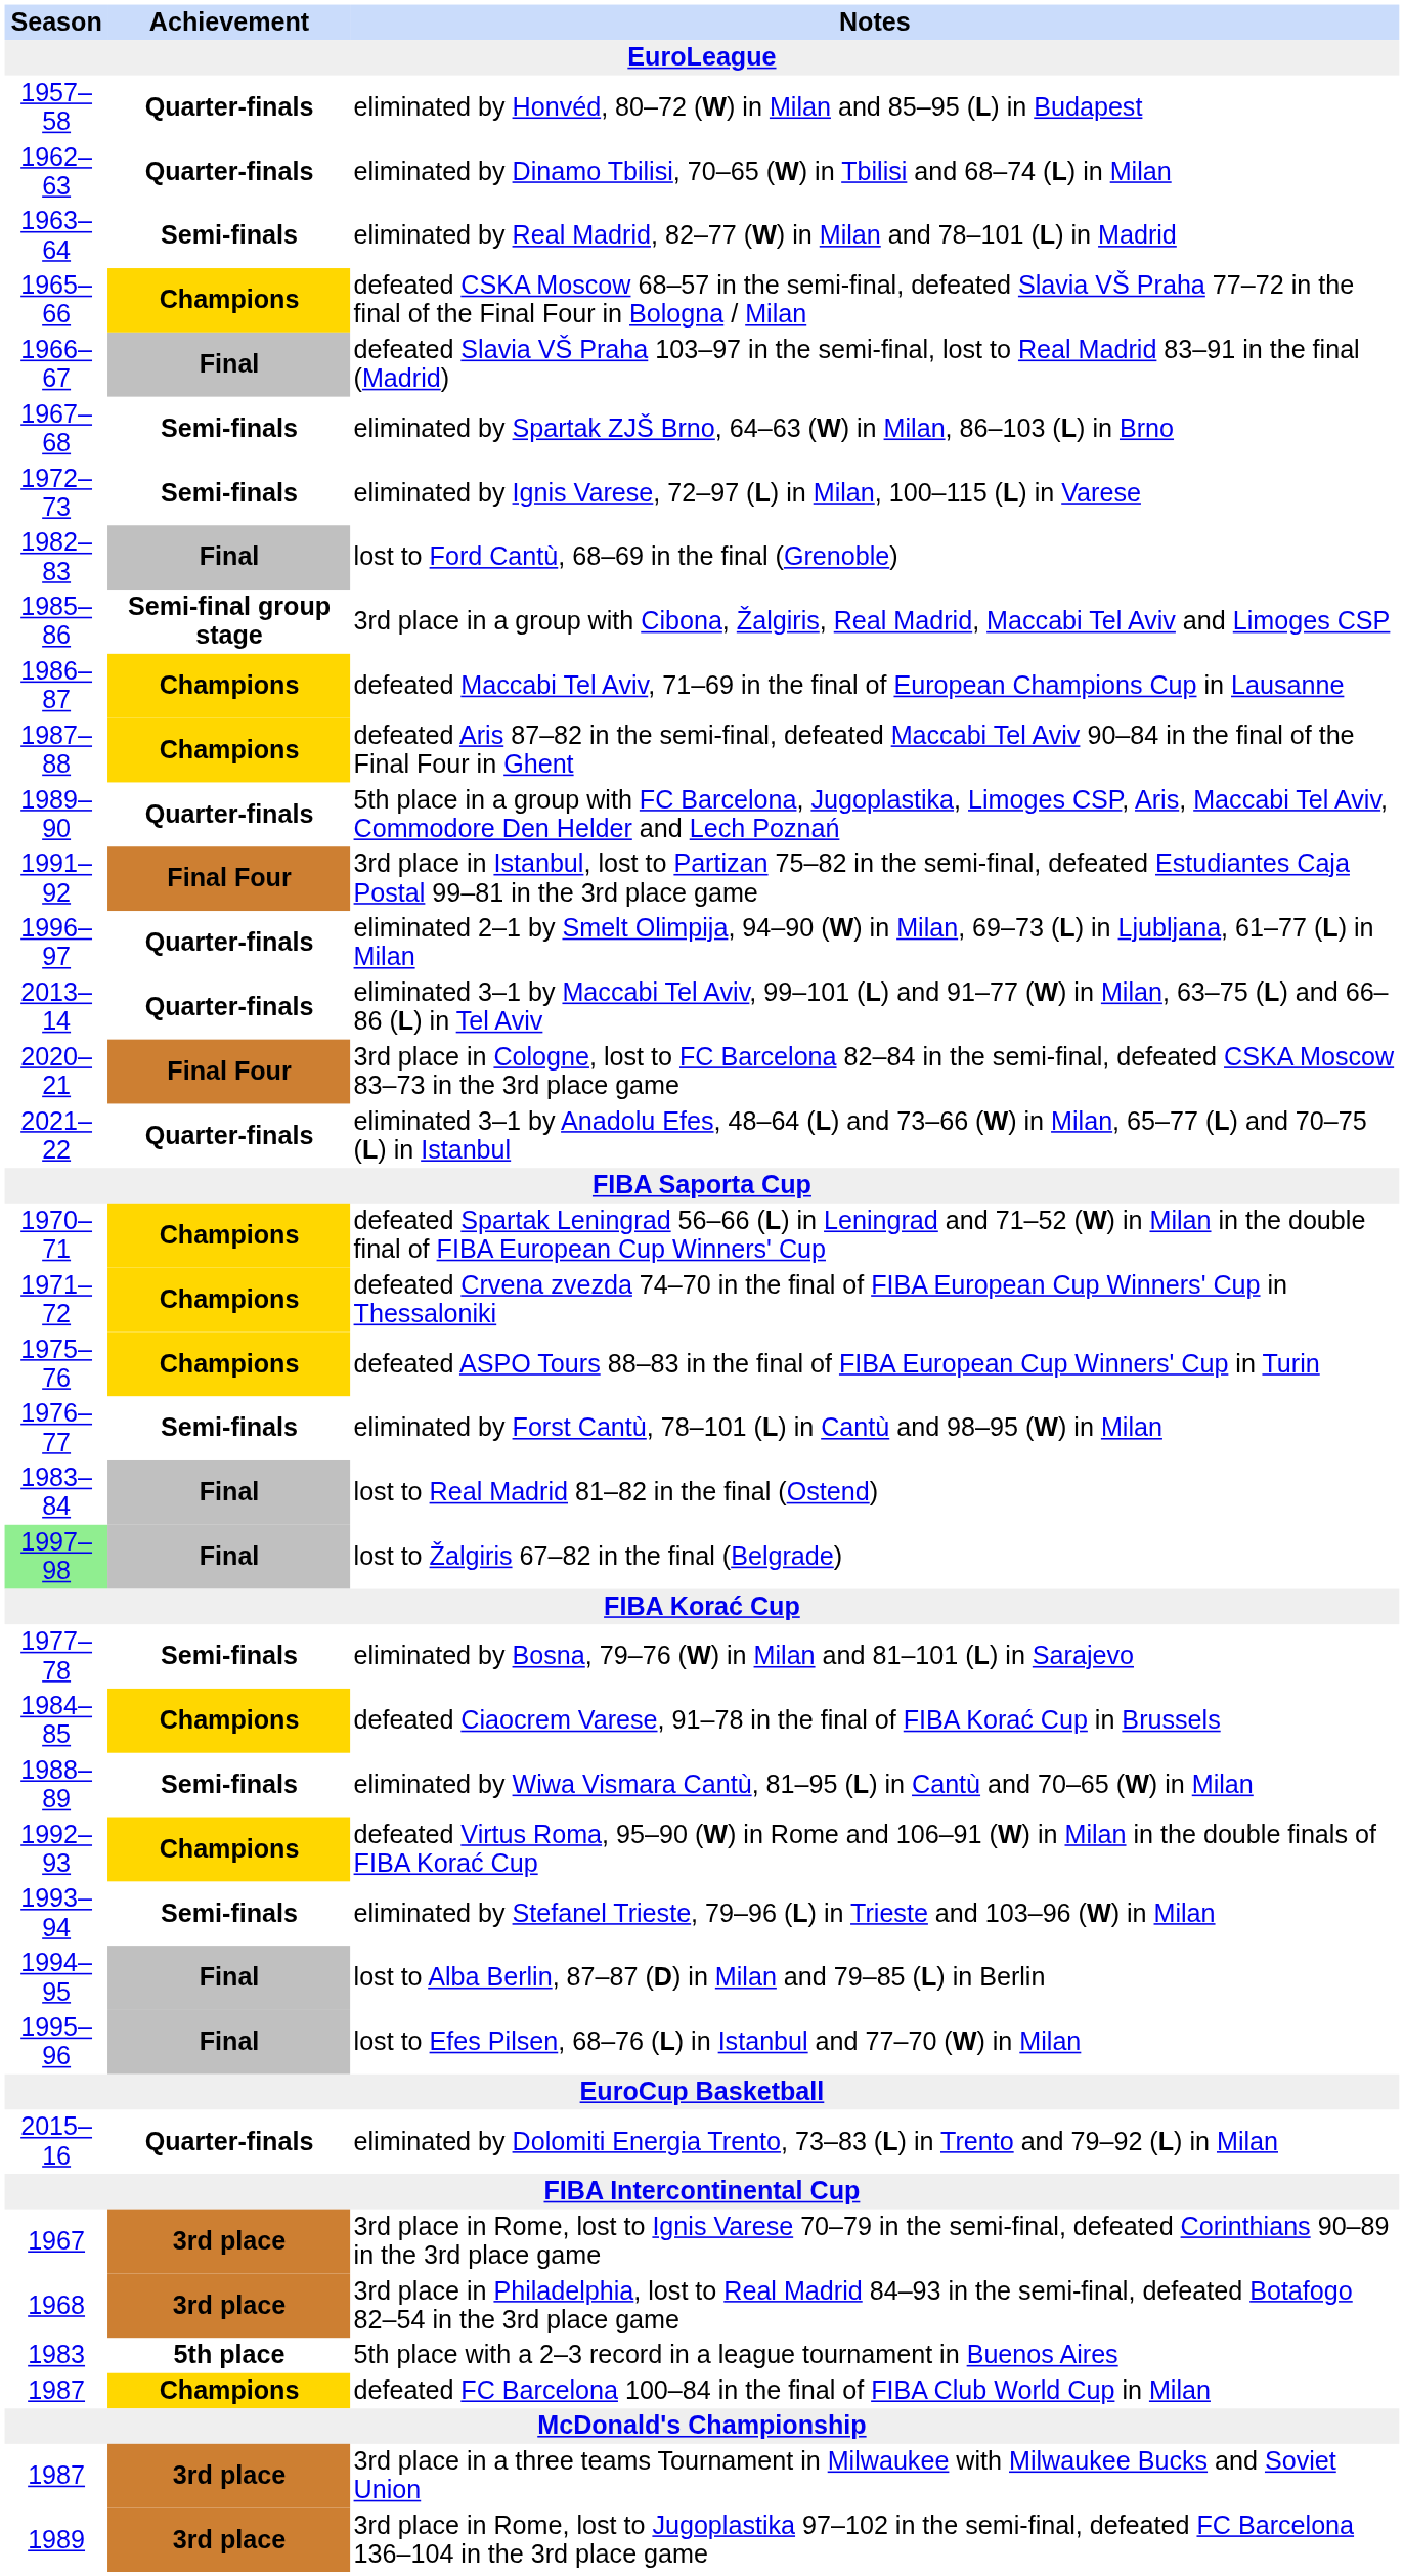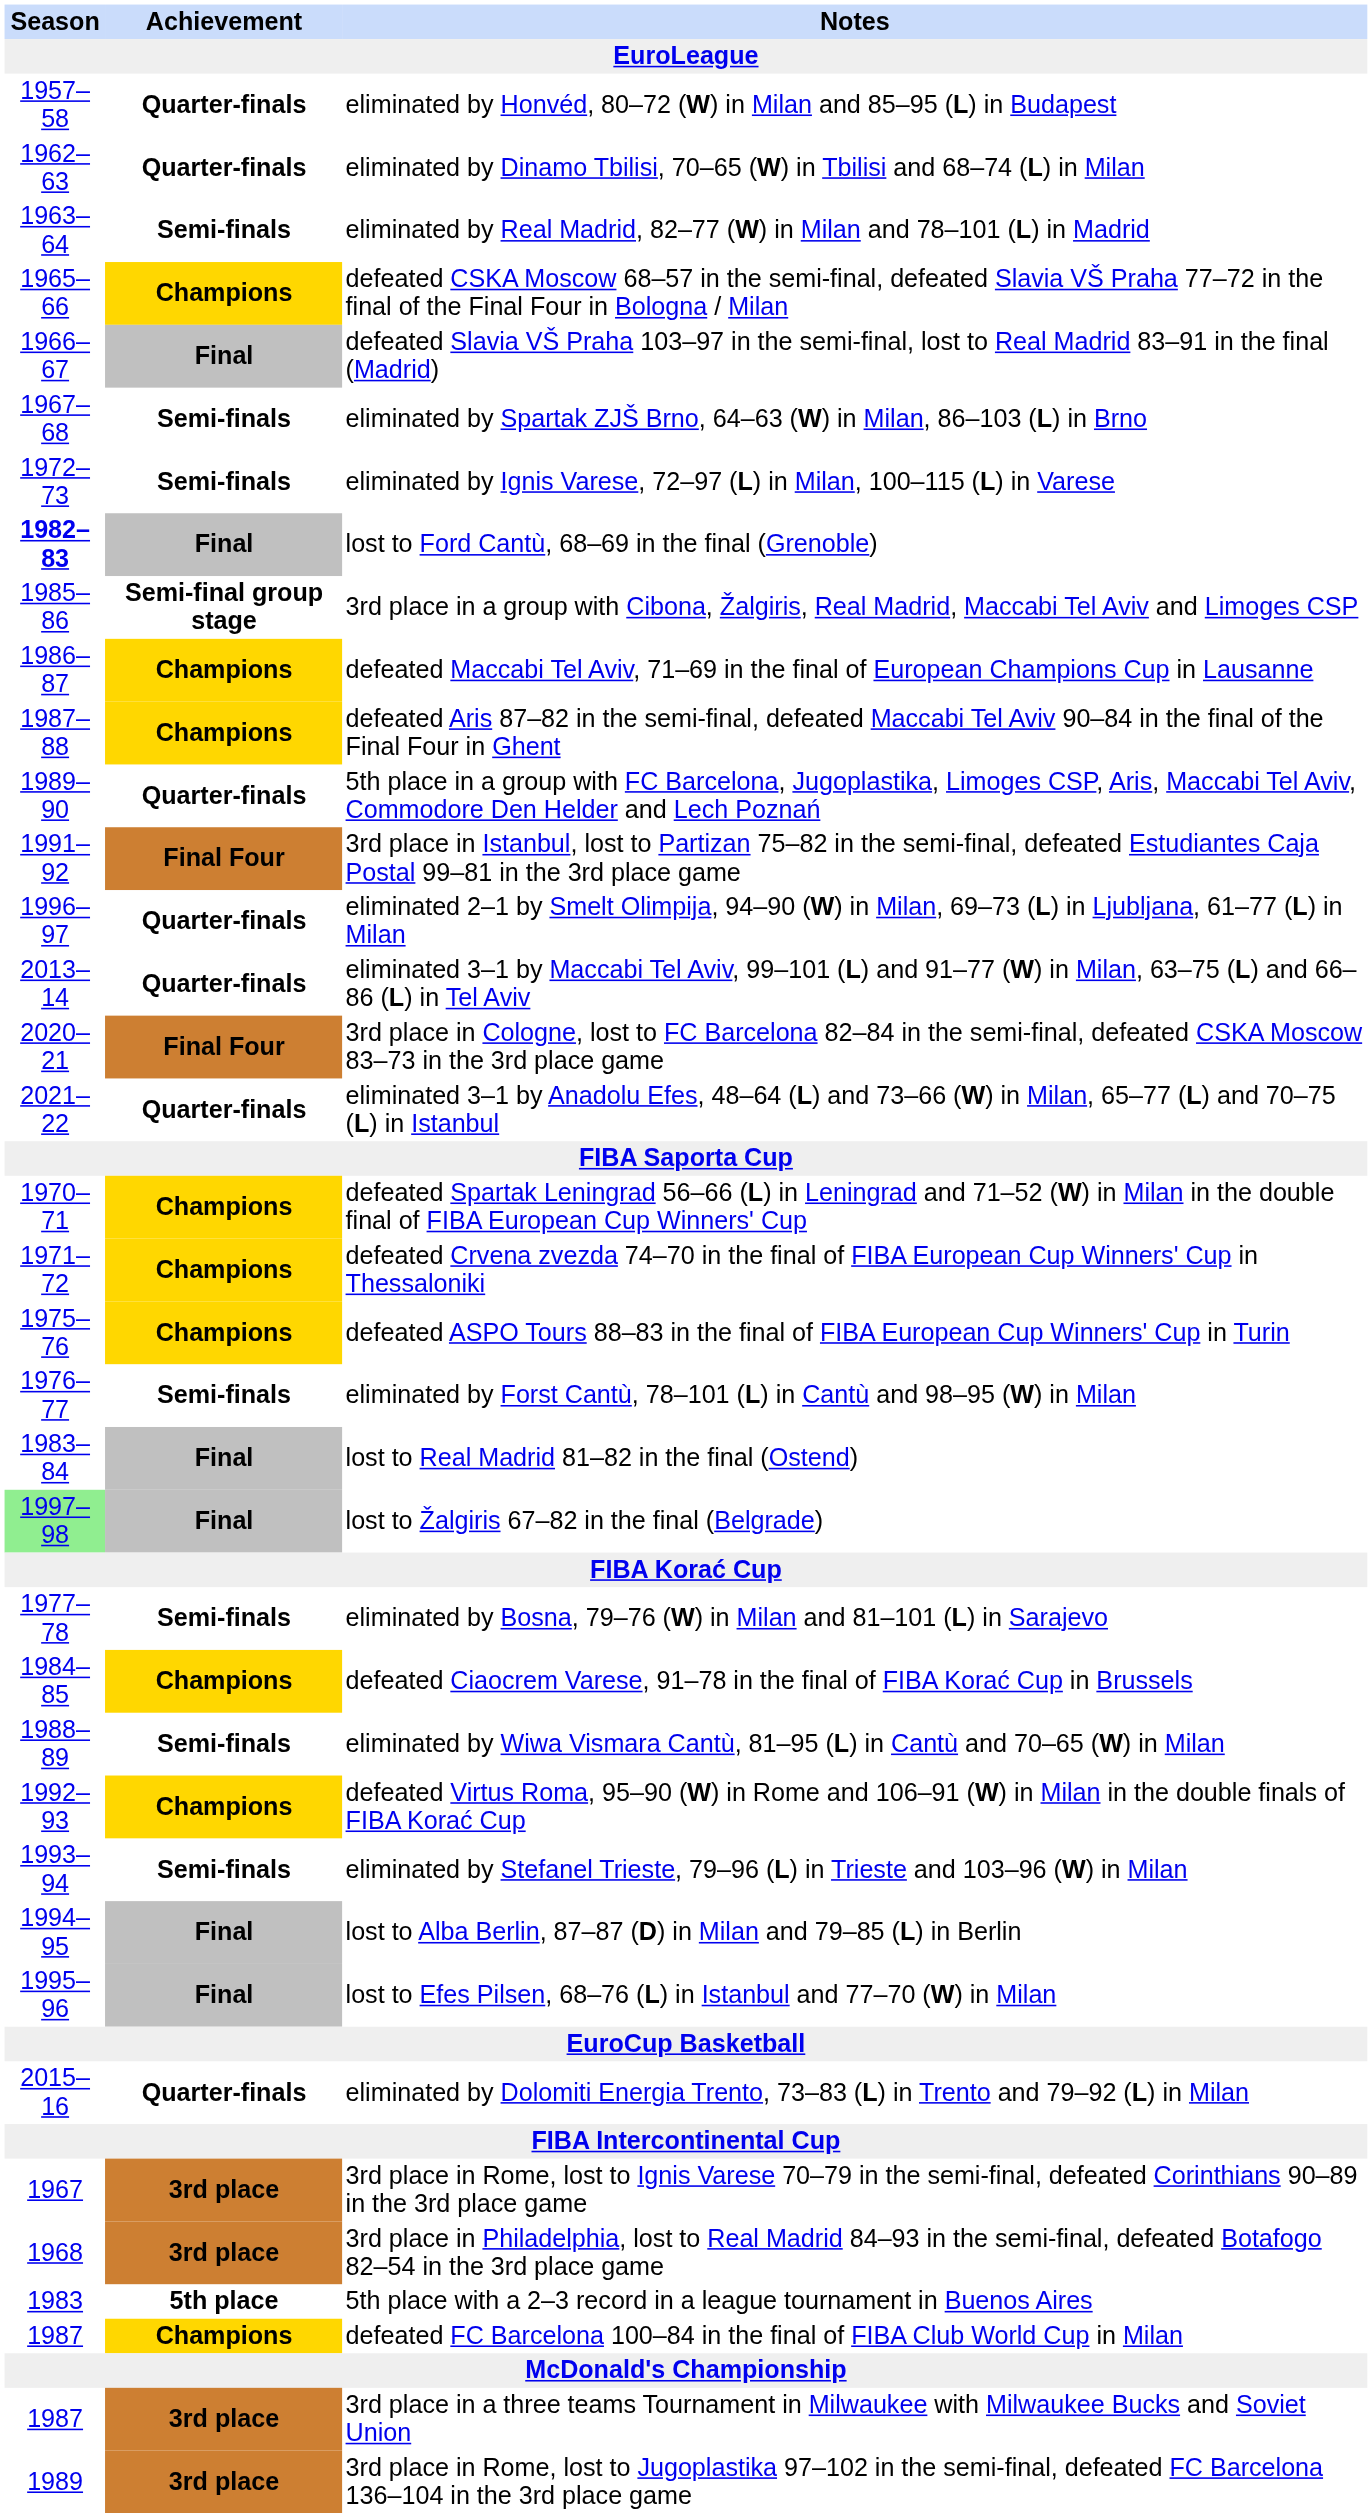 <table class="toccolours" border="0" cellpadding="2" cellspacing="0" align="left" style="margin:0.5em;">
 <tr bgcolor=#CADCFB>
 <th>Season</th>
 <th>Achievement</th>
 <th>Notes</th>
 </tr>
 <tr>
 <th colspan="4" bgcolor=#EFEFEF><a href='#'>EuroLeague</a></th>
 </tr>
 <tr>
 <td align="center"><a href='#'>1957–58</a></td>
 <td align="center"><strong>Quarter-finals</strong></td>
 <td align="left">eliminated by <a href='#'>Honvéd</a>, 80–72 (<strong>W</strong>) in <a href='#'>Milan</a> and 85–95 (<strong>L</strong>) in <a href='#'>Budapest</a></td>
 </tr>
 <tr>
 <td align="center"><a href='#'>1962–63</a></td>
 <td align="center"><strong>Quarter-finals</strong></td>
 <td align="left">eliminated by <a href='#'>Dinamo Tbilisi</a>, 70–65 (<strong>W</strong>) in <a href='#'>Tbilisi</a> and 68–74 (<strong>L</strong>) in <a href='#'>Milan</a></td>
 </tr>
 <tr>
 <td align="center"><a href='#'>1963–64</a></td>
 <td align="center"><strong>Semi-finals</strong></td>
 <td align="left">eliminated by <a href='#'>Real Madrid</a>, 82–77 (<strong>W</strong>) in <a href='#'>Milan</a> and 78–101 (<strong>L</strong>) in <a href='#'>Madrid</a></td>
 </tr>
 <tr>
 <td align="center"><a href='#'>1965–66</a></td>
 <td align="center" bgcolor="gold"><strong>Champions</strong></td>
 <td align="left">defeated <a href='#'>CSKA Moscow</a> 68–57 in the semi-final, defeated <a href='#'>Slavia VŠ Praha</a> 77–72 in the final of the Final Four in <a href='#'>Bologna</a> / <a href='#'>Milan</a></td>
 </tr>
 <tr>
 <td align="center"><a href='#'>1966–67</a></td>
 <td align="center" bgcolor= silver><strong>Final</strong></td>
 <td align="left">defeated <a href='#'>Slavia VŠ Praha</a> 103–97 in the semi-final, lost to <a href='#'>Real Madrid</a> 83–91 in the final (<a href='#'>Madrid</a>)</td>
 </tr>
 <tr>
 <td align="center"><a href='#'>1967–68</a></td>
 <td align="center"><strong>Semi-finals</strong></td>
 <td align="left">eliminated by <a href='#'>Spartak ZJŠ Brno</a>, 64–63 (<strong>W</strong>) in <a href='#'>Milan</a>, 86–103 (<strong>L</strong>) in <a href='#'>Brno</a></td>
 </tr>
 <tr>
 <td align="center"><a href='#'>1972–73</a></td>
 <td align="center"><strong>Semi-finals</strong></td>
 <td align="left">eliminated by <a href='#'>Ignis Varese</a>, 72–97 (<strong>L</strong>) in <a href='#'>Milan</a>, 100–115 (<strong>L</strong>) in <a href='#'>Varese</a></td>
 </tr>
 <tr>
-<td align="center"><a href='#'>1982–83</a></td>
+<td align="center"><strong><a href='#'>1982–83</a></strong></td>
 <td align="center" bgcolor= silver><strong>Final</strong></td>
 <td align="left">lost to <a href='#'>Ford Cantù</a>, 68–69 in the final (<a href='#'>Grenoble</a>)</td>
 </tr>
 <tr>
 <td align="center"><a href='#'>1985–86</a></td>
 <td align="center"><strong>Semi-final group stage</strong></td>
 <td align="left">3rd place in a group with <a href='#'>Cibona</a>, <a href='#'>Žalgiris</a>, <a href='#'>Real Madrid</a>, <a href='#'>Maccabi Tel Aviv</a> and <a href='#'>Limoges CSP</a></td>
 </tr>
 <tr>
 <td align="center"><a href='#'>1986–87</a></td>
 <td align="center" bgcolor="gold"><strong>Champions</strong></td>
 <td align="left">defeated <a href='#'>Maccabi Tel Aviv</a>, 71–69 in the final of <a href='#'>European Champions Cup</a> in <a href='#'>Lausanne</a></td>
 </tr>
 <tr>
 <td align="center"><a href='#'>1987–88</a></td>
 <td align="center" bgcolor="gold"><strong>Champions</strong></td>
 <td align="left">defeated <a href='#'>Aris</a> 87–82 in the semi-final, defeated <a href='#'>Maccabi Tel Aviv</a> 90–84 in the final of the Final Four in <a href='#'>Ghent</a></td>
 </tr>
 <tr>
 <td align="center"><a href='#'>1989–90</a></td>
 <td align="center"><strong>Quarter-finals</strong></td>
 <td align="left">5th place in a group with <a href='#'>FC Barcelona</a>, <a href='#'>Jugoplastika</a>, <a href='#'>Limoges CSP</a>, <a href='#'>Aris</a>, <a href='#'>Maccabi Tel Aviv</a>, <a href='#'>Commodore Den Helder</a> and <a href='#'>Lech Poznań</a></td>
 </tr>
 <tr>
 <td align="center"><a href='#'>1991–92</a></td>
 <td align="center" bgcolor= #CD7F32><strong>Final Four</strong></td>
 <td align="left">3rd place in <a href='#'>Istanbul</a>, lost to <a href='#'>Partizan</a> 75–82 in the semi-final, defeated <a href='#'>Estudiantes Caja Postal</a> 99–81 in the 3rd place game</td>
 </tr>
 <tr>
 <td align="center"><a href='#'>1996–97</a></td>
 <td align="center"><strong>Quarter-finals</strong></td>
 <td align="left">eliminated 2–1 by <a href='#'>Smelt Olimpija</a>, 94–90 (<strong>W</strong>) in <a href='#'>Milan</a>, 69–73 (<strong>L</strong>) in <a href='#'>Ljubljana</a>, 61–77 (<strong>L</strong>) in <a href='#'>Milan</a></td>
 </tr>
 <tr>
 <td align="center"><a href='#'>2013–14</a></td>
 <td align="center"><strong>Quarter-finals</strong></td>
 <td align="left">eliminated 3–1 by <a href='#'>Maccabi Tel Aviv</a>, 99–101 (<strong>L</strong>) and 91–77 (<strong>W</strong>) in <a href='#'>Milan</a>, 63–75 (<strong>L</strong>) and 66–86 (<strong>L</strong>) in <a href='#'>Tel Aviv</a></td>
 </tr>
 <tr>
 <td align="center"><a href='#'>2020–21</a></td>
 <td align="center" bgcolor= #CD7F32><strong>Final Four</strong></td>
 <td align="left">3rd place in <a href='#'>Cologne</a>, lost to <a href='#'>FC Barcelona</a> 82–84 in the semi-final, defeated <a href='#'>CSKA Moscow</a> 83–73 in the 3rd place game</td>
 </tr>
 <tr>
 <td align="center"><a href='#'>2021–22</a></td>
 <td align="center"><strong>Quarter-finals</strong></td>
 <td align="left">eliminated 3–1 by <a href='#'>Anadolu Efes</a>, 48–64 (<strong>L</strong>) and 73–66 (<strong>W</strong>) in <a href='#'>Milan</a>, 65–77 (<strong>L</strong>) and 70–75 (<strong>L</strong>) in <a href='#'>Istanbul</a></td>
 </tr>
 <tr>
 <th colspan="4" bgcolor=#EFEFEF><a href='#'>FIBA Saporta Cup</a></th>
 </tr>
 <tr>
 <td align="center"><a href='#'>1970–71</a></td>
 <td align="center" bgcolor="gold"><strong>Champions</strong></td>
 <td align="left">defeated <a href='#'>Spartak Leningrad</a> 56–66 (<strong>L</strong>) in <a href='#'>Leningrad</a> and 71–52 (<strong>W</strong>) in <a href='#'>Milan</a> in the double final of <a href='#'>FIBA European Cup Winners' Cup</a></td>
 </tr>
 <tr>
 <td align="center"><a href='#'>1971–72</a></td>
 <td align="center" bgcolor="gold"><strong>Champions</strong></td>
 <td align="left">defeated <a href='#'>Crvena zvezda</a> 74–70 in the final of <a href='#'>FIBA European Cup Winners' Cup</a> in <a href='#'>Thessaloniki</a></td>
 </tr>
 <tr>
 <td align="center"><a href='#'>1975–76</a></td>
 <td align="center" bgcolor="gold"><strong>Champions</strong></td>
 <td align="left">defeated <a href='#'>ASPO Tours</a> 88–83 in the final of <a href='#'>FIBA European Cup Winners' Cup</a> in <a href='#'>Turin</a></td>
 </tr>
 <tr>
 <td align="center"><a href='#'>1976–77</a></td>
 <td align="center"><strong>Semi-finals</strong></td>
 <td align="left">eliminated by <a href='#'>Forst Cantù</a>, 78–101 (<strong>L</strong>) in <a href='#'>Cantù</a> and 98–95 (<strong>W</strong>) in <a href='#'>Milan</a></td>
 </tr>
 <tr>
 <td align="center"><a href='#'>1983–84</a></td>
 <td align="center" bgcolor= silver><strong>Final</strong></td>
 <td align="left">lost to <a href='#'>Real Madrid</a> 81–82 in the final (<a href='#'>Ostend</a>)</td>
 </tr>
 <tr>
 <td align="center" style="background: lightgreen;"><a href='#'>1997–98</a></td>
 <td align="center" bgcolor= silver><strong>Final</strong></td>
 <td align="left">lost to <a href='#'>Žalgiris</a> 67–82 in the final (<a href='#'>Belgrade</a>)</td>
 </tr>
 <tr>
 <th colspan="4" bgcolor=#EFEFEF><a href='#'>FIBA Korać Cup</a></th>
 </tr>
 <tr>
 <td align="center"><a href='#'>1977–78</a></td>
 <td align="center"><strong>Semi-finals</strong></td>
 <td align="left">eliminated by <a href='#'>Bosna</a>, 79–76 (<strong>W</strong>) in <a href='#'>Milan</a> and 81–101 (<strong>L</strong>) in <a href='#'>Sarajevo</a></td>
 </tr>
 <tr>
 <td align="center"><a href='#'>1984–85</a></td>
 <td align="center" bgcolor="gold"><strong>Champions</strong></td>
 <td align="left">defeated <a href='#'>Ciaocrem Varese</a>, 91–78 in the final of <a href='#'>FIBA Korać Cup</a> in <a href='#'>Brussels</a></td>
 </tr>
 <tr>
 <td align="center"><a href='#'>1988–89</a></td>
 <td align="center"><strong>Semi-finals</strong></td>
 <td align="left">eliminated by <a href='#'>Wiwa Vismara Cantù</a>, 81–95 (<strong>L</strong>) in <a href='#'>Cantù</a> and 70–65 (<strong>W</strong>) in <a href='#'>Milan</a></td>
 </tr>
 <tr>
 <td align="center"><a href='#'>1992–93</a></td>
 <td align="center" bgcolor="gold"><strong>Champions</strong></td>
 <td align="left">defeated <a href='#'>Virtus Roma</a>, 95–90 (<strong>W</strong>) in Rome and 106–91 (<strong>W</strong>) in <a href='#'>Milan</a> in the double finals of <a href='#'>FIBA Korać Cup</a></td>
 </tr>
 <tr>
 <td align="center"><a href='#'>1993–94</a></td>
 <td align="center"><strong>Semi-finals</strong></td>
 <td align="left">eliminated by <a href='#'>Stefanel Trieste</a>, 79–96 (<strong>L</strong>) in <a href='#'>Trieste</a> and 103–96 (<strong>W</strong>) in <a href='#'>Milan</a></td>
 </tr>
 <tr>
 <td align="center"><a href='#'>1994–95</a></td>
 <td align="center" bgcolor= silver><strong>Final</strong></td>
 <td align="left">lost to <a href='#'>Alba Berlin</a>, 87–87 (<strong>D</strong>) in <a href='#'>Milan</a> and 79–85 (<strong>L</strong>) in Berlin</td>
 </tr>
 <tr>
 <td align="center"><a href='#'>1995–96</a></td>
 <td align="center" bgcolor= silver><strong>Final</strong></td>
 <td align="left">lost to <a href='#'>Efes Pilsen</a>, 68–76 (<strong>L</strong>) in <a href='#'>Istanbul</a> and 77–70 (<strong>W</strong>) in <a href='#'>Milan</a></td>
 </tr>
 <tr>
 <th colspan="4" bgcolor=#EFEFEF><a href='#'>EuroCup Basketball</a></th>
 </tr>
 <tr>
 <td align="center"><a href='#'>2015–16</a></td>
 <td align="center"><strong>Quarter-finals</strong></td>
 <td align="left">eliminated by <a href='#'>Dolomiti Energia Trento</a>, 73–83 (<strong>L</strong>) in <a href='#'>Trento</a> and 79–92 (<strong>L</strong>) in <a href='#'>Milan</a></td>
 </tr>
 <tr>
 <th colspan="4" bgcolor=#EFEFEF><a href='#'>FIBA Intercontinental Cup</a></th>
 </tr>
 <tr>
 <td align="center"><a href='#'>1967</a></td>
 <td align="center" bgcolor= #CD7F32><strong>3rd place</strong></td>
 <td align="left">3rd place in Rome, lost to <a href='#'>Ignis Varese</a> 70–79 in the semi-final, defeated <a href='#'>Corinthians</a> 90–89 in the 3rd place game</td>
 </tr>
 <tr>
 <td align="center"><a href='#'>1968</a></td>
 <td align="center" bgcolor= #CD7F32><strong>3rd place</strong></td>
 <td align="left">3rd place in <a href='#'>Philadelphia</a>, lost to <a href='#'>Real Madrid</a> 84–93 in the semi-final, defeated <a href='#'>Botafogo</a> 82–54 in the 3rd place game</td>
 </tr>
 <tr>
 <td align="center"><a href='#'>1983</a></td>
 <td align="center"><strong>5th place</strong></td>
 <td align="left">5th place with a 2–3 record in a league tournament in <a href='#'>Buenos Aires</a></td>
 </tr>
 <tr>
 <td align="center"><a href='#'>1987</a></td>
 <td align="center" bgcolor="gold"><strong>Champions</strong></td>
 <td align="left">defeated <a href='#'>FC Barcelona</a> 100–84 in the final of <a href='#'>FIBA Club World Cup</a> in <a href='#'>Milan</a></td>
 </tr>
 <tr>
 <th colspan="4" bgcolor=#EFEFEF><a href='#'>McDonald's Championship</a></th>
 </tr>
 <tr>
 <td align="center"><a href='#'>1987</a></td>
 <td align="center" bgcolor= #CD7F32><strong>3rd place</strong></td>
 <td align="left">3rd place in a three teams Tournament in <a href='#'>Milwaukee</a> with <a href='#'>Milwaukee Bucks</a> and <a href='#'>Soviet Union</a></td>
 </tr>
 <tr>
 <td align="center"><a href='#'>1989</a></td>
 <td align="center" bgcolor= #CD7F32><strong>3rd place</strong></td>
 <td align="left">3rd place in Rome, lost to <a href='#'>Jugoplastika</a> 97–102 in the semi-final, defeated <a href='#'>FC Barcelona</a> 136–104 in the 3rd place game</td>
 </tr>
 </table>
